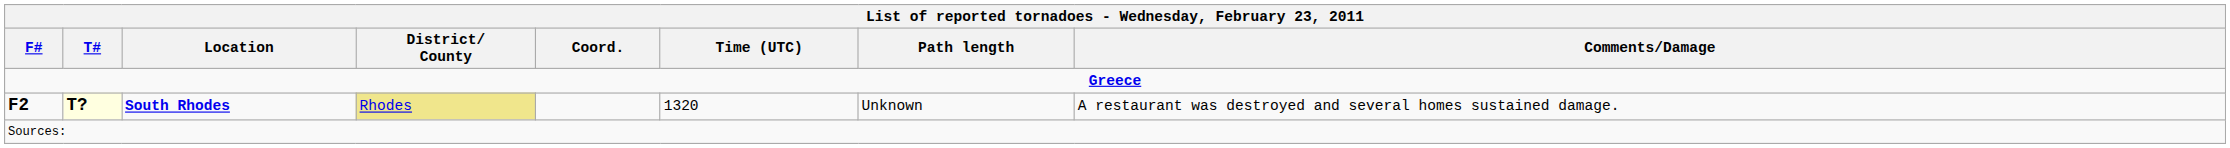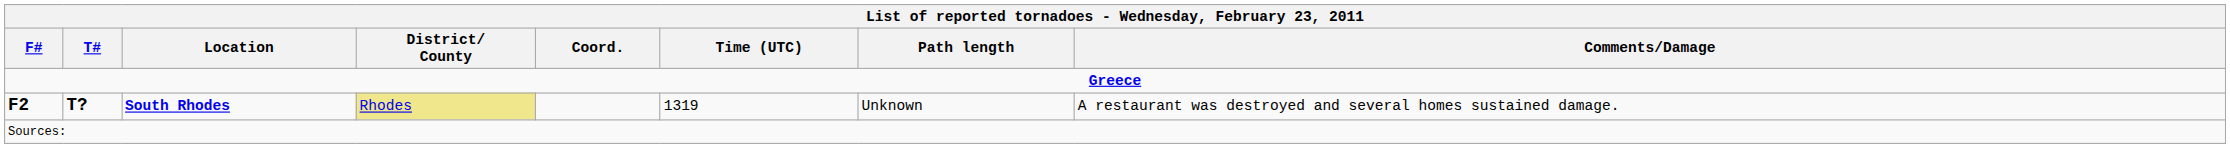 <table class="wikitable collapsible" width="100%">
 <tr>
 <th colspan="8">List of reported tornadoes - Wednesday, February 23, 2011</th>
 </tr>
 <tr>
 <th><a href='#'>F#</a></th>
 <th><a href='#'>T#</a></th>
 <th>Location</th>
 <th>District/<br>County</th>
 <th>Coord.</th>
 <th>Time (UTC)</th>
 <th>Path length</th>
 <th>Comments/Damage</th>
 </tr>
 <tr>
 <td colspan="8" align=center><strong><a href='#'>Greece</a></strong></td>
 </tr>
 <tr>
 <td><big><strong>F2</strong></big></td>
-<td style="background: lightyellow;"><big><strong>T?</strong></big></td>
+<td><big><strong>T?</strong></big></td>
 <td><strong><a href='#'>South Rhodes</a></strong></td>
 <td style="background: khaki;"><a href='#'>Rhodes</a></td>
 <td></td>
-<td>1320</td>
+<td>1319</td>
 <td>Unknown</td>
 <td>A restaurant was destroyed and several homes sustained damage.</td>
 </tr>
 <tr>
 <td colspan="8"><small>Sources:  </small></td>
 </tr>
 </table>
